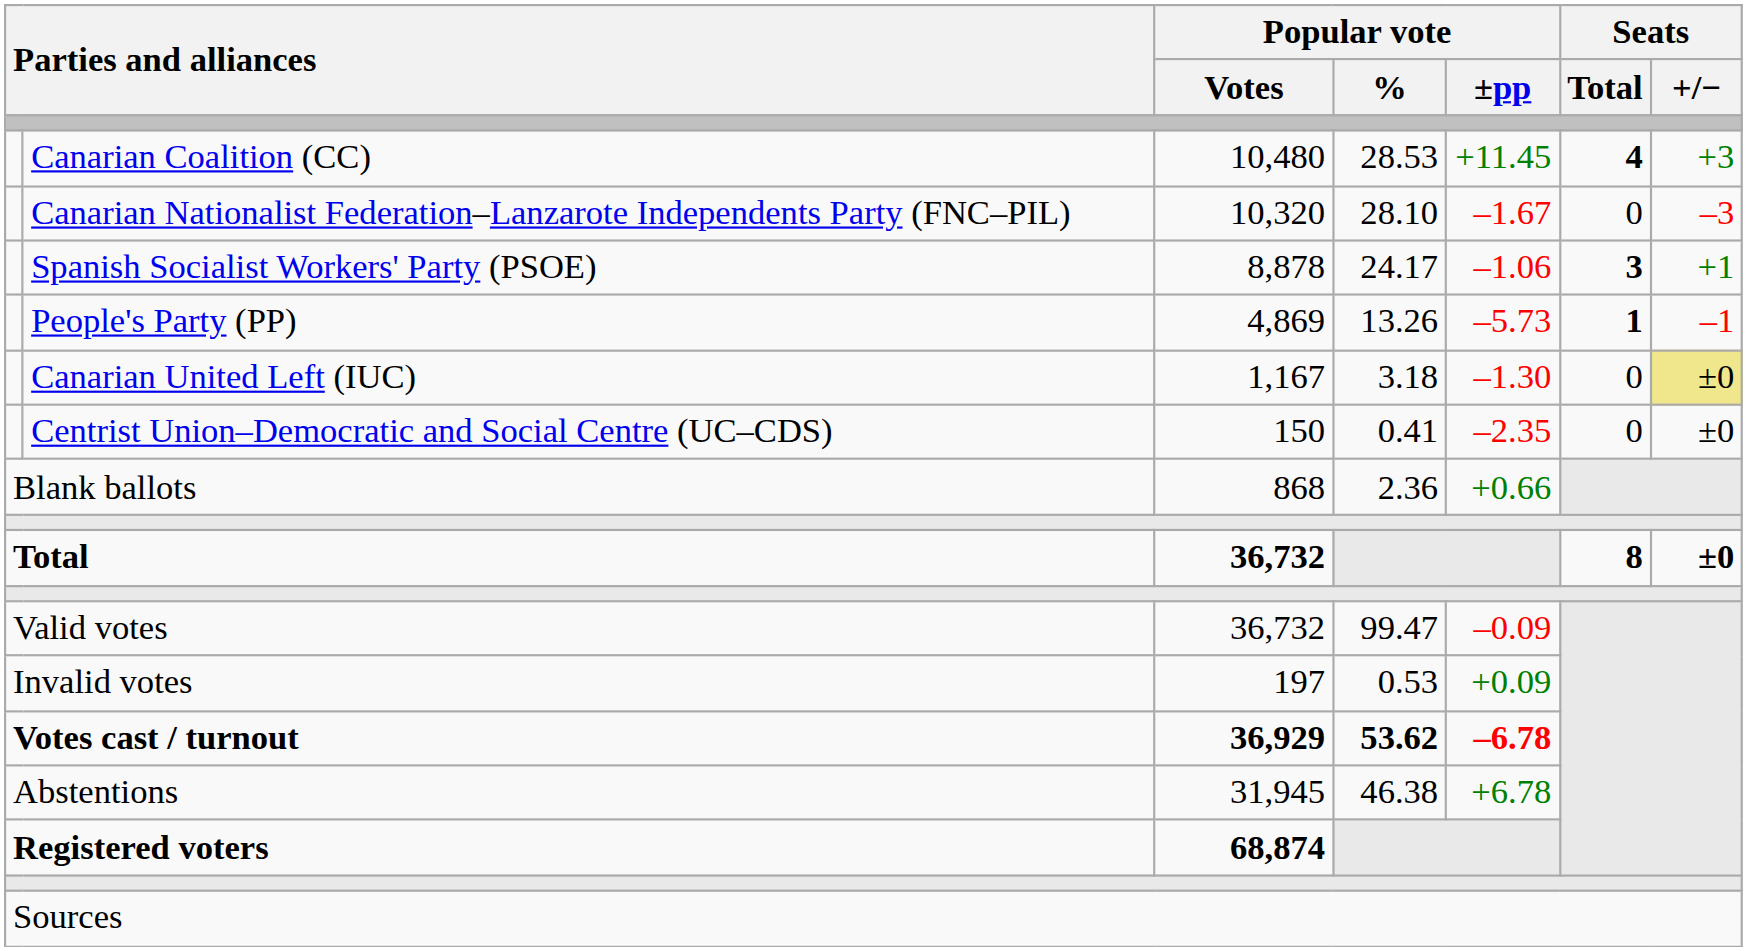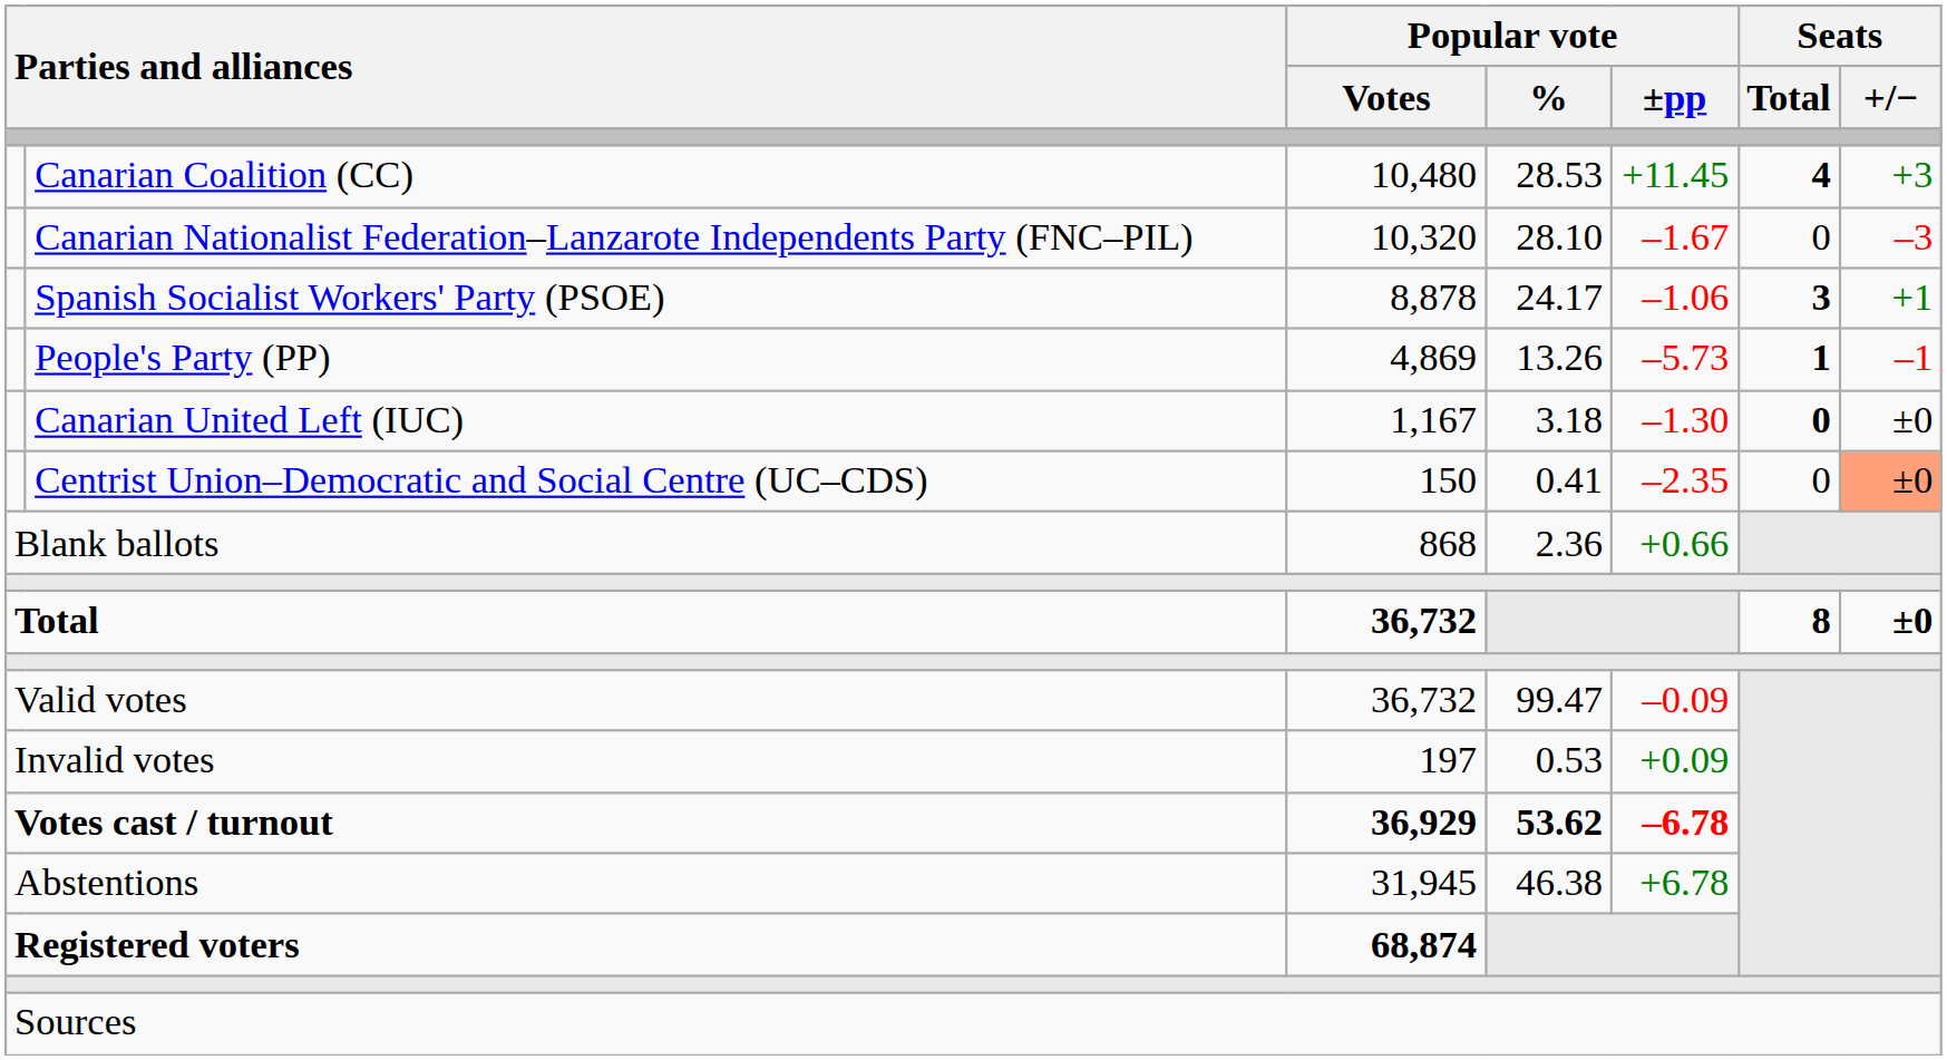 <table class="wikitable" style="text-align:right;">
 <tr>
 <th style="text-align:left;" rowspan="2" colspan="2" width="525">Parties and alliances</th>
 <th colspan="3">Popular vote</th>
 <th colspan="2">Seats</th>
 </tr>
 <tr>
 <th width="75">Votes</th>
 <th width="45">%</th>
 <th width="45">±<a href='#'>pp</a></th>
 <th width="35">Total</th>
 <th width="35">+/−</th>
 </tr>
 <tr>
 <td colspan="7" bgcolor="#C0C0C0"></td>
 </tr>
 <tr>
 <td width="1" style="color:inherit;background:"></td>
 <td align="left"><a href='#'>Canarian Coalition</a> (CC)</td>
 <td>10,480</td>
 <td>28.53</td>
 <td style="color:green;">+11.45</td>
 <td><strong>4</strong></td>
 <td style="color:green;">+3</td>
 </tr>
 <tr>
 <td style="color:inherit;background:"></td>
 <td align="left"><a href='#'>Canarian Nationalist Federation</a>–<a href='#'>Lanzarote Independents Party</a> (FNC–PIL)</td>
 <td>10,320</td>
 <td>28.10</td>
 <td style="color:red;">–1.67</td>
 <td>0</td>
 <td style="color:red;">–3</td>
 </tr>
 <tr>
 <td style="color:inherit;background:"></td>
 <td align="left"><a href='#'>Spanish Socialist Workers' Party</a> (PSOE)</td>
 <td>8,878</td>
 <td>24.17</td>
 <td style="color:red;">–1.06</td>
 <td><strong>3</strong></td>
 <td style="color:green;">+1</td>
 </tr>
 <tr>
 <td style="color:inherit;background:"></td>
 <td align="left"><a href='#'>People's Party</a> (PP)</td>
 <td>4,869</td>
 <td>13.26</td>
 <td style="color:red;">–5.73</td>
 <td><strong>1</strong></td>
 <td style="color:red;">–1</td>
 </tr>
 <tr>
 <td style="color:inherit;background:"></td>
 <td align="left"><a href='#'>Canarian United Left</a> (IUC)</td>
 <td>1,167</td>
 <td>3.18</td>
 <td style="color:red;">–1.30</td>
-<td>0</td>
-<td style="background: khaki;">±0</td>
+<td><strong>0</strong></td>
+<td>±0</td>
 </tr>
 <tr>
 <td style="color:inherit;background:"></td>
 <td align="left"><a href='#'>Centrist Union–Democratic and Social Centre</a> (UC–CDS)</td>
 <td>150</td>
 <td>0.41</td>
 <td style="color:red;">–2.35</td>
 <td>0</td>
-<td>±0</td>
+<td style="background: lightsalmon;">±0</td>
 </tr>
 <tr>
 <td align="left" colspan="2">Blank ballots</td>
 <td>868</td>
 <td>2.36</td>
 <td style="color:green;">+0.66</td>
 <td bgcolor="#E9E9E9" colspan="2"></td>
 </tr>
 <tr>
 <td colspan="7" bgcolor="#E9E9E9"></td>
 </tr>
 <tr style="font-weight:bold;">
 <td align="left" colspan="2">Total</td>
 <td>36,732</td>
 <td bgcolor="#E9E9E9" colspan="2"></td>
 <td>8</td>
 <td>±0</td>
 </tr>
 <tr>
 <td colspan="7" bgcolor="#E9E9E9"></td>
 </tr>
 <tr>
 <td align="left" colspan="2">Valid votes</td>
 <td>36,732</td>
 <td>99.47</td>
 <td style="color:red;">–0.09</td>
 <td bgcolor="#E9E9E9" colspan="2" rowspan="5"></td>
 </tr>
 <tr>
 <td align="left" colspan="2">Invalid votes</td>
 <td>197</td>
 <td>0.53</td>
 <td style="color:green;">+0.09</td>
 </tr>
 <tr style="font-weight:bold;">
 <td align="left" colspan="2">Votes cast / turnout</td>
 <td>36,929</td>
 <td>53.62</td>
 <td style="color:red;">–6.78</td>
 </tr>
 <tr>
 <td align="left" colspan="2">Abstentions</td>
 <td>31,945</td>
 <td>46.38</td>
 <td style="color:green;">+6.78</td>
 </tr>
 <tr style="font-weight:bold;">
 <td align="left" colspan="2">Registered voters</td>
 <td>68,874</td>
 <td bgcolor="#E9E9E9" colspan="2"></td>
 </tr>
 <tr>
 <td colspan="7" bgcolor="#E9E9E9"></td>
 </tr>
 <tr>
 <td align="left" colspan="7">Sources</td>
 </tr>
 </table>
